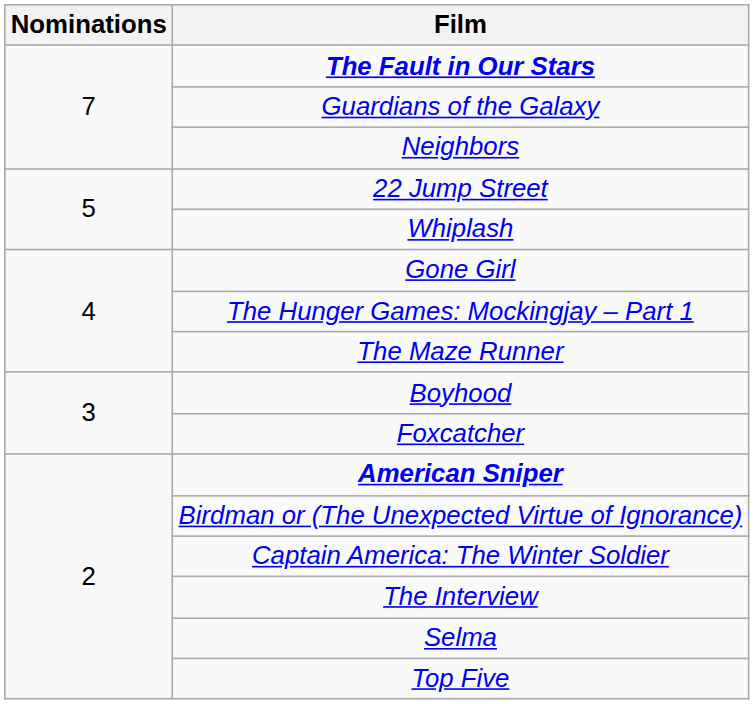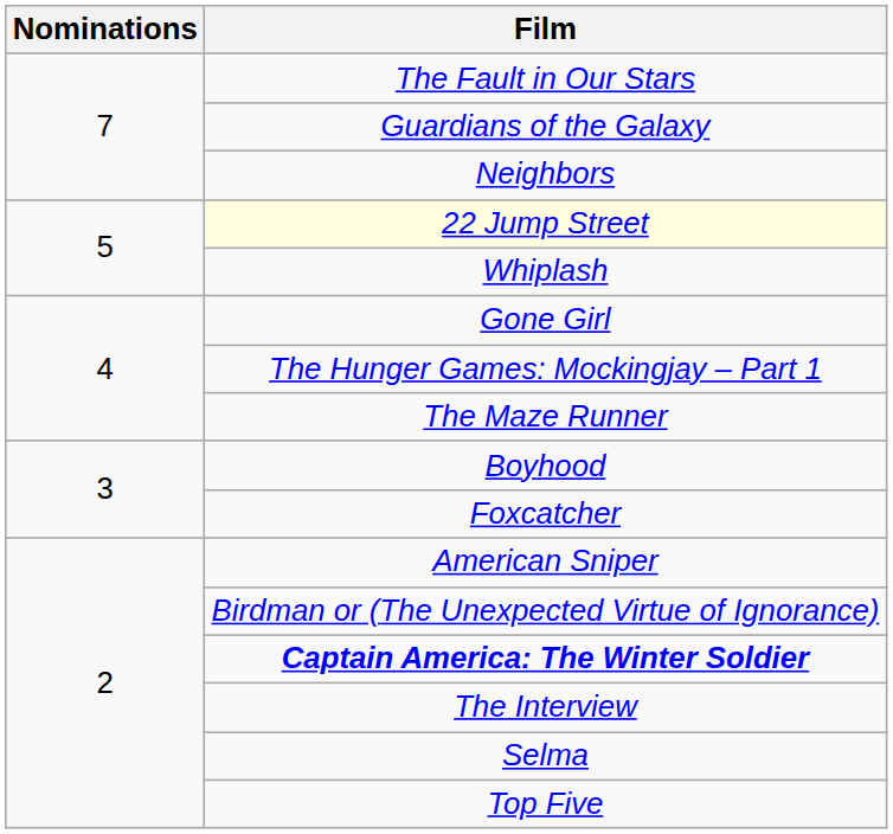 <table class="wikitable" style="text-align:center;">
 <tr>
 <th scope="col" width="55">Nominations</th>
 <th scope="col" align="center">Film</th>
 </tr>
 <tr>
 <td rowspan=3 style="text-align:center">7</td>
-<td><strong><em><a href='#'>The Fault in Our Stars</a></em></strong></td>
+<td><em><a href='#'>The Fault in Our Stars</a></em></td>
 </tr>
 <tr>
 <td><em><a href='#'>Guardians of the Galaxy</a></em></td>
 </tr>
 <tr>
 <td><em><a href='#'>Neighbors</a></em></td>
 </tr>
 <tr>
 <td rowspan=2 style="text-align:center">5</td>
-<td><em><a href='#'>22 Jump Street</a></em></td>
+<td style="background: lightyellow;"><em><a href='#'>22 Jump Street</a></em></td>
 </tr>
 <tr>
 <td><em><a href='#'>Whiplash</a></em></td>
 </tr>
 <tr>
 <td rowspan=3 style="text-align:center">4</td>
 <td><em><a href='#'>Gone Girl</a></em></td>
 </tr>
 <tr>
 <td><em><a href='#'>The Hunger Games: Mockingjay – Part 1</a></em></td>
 </tr>
 <tr>
 <td><em><a href='#'>The Maze Runner</a></em></td>
 </tr>
 <tr>
 <td rowspan=2 style="text-align:center">3</td>
 <td><em><a href='#'>Boyhood</a></em></td>
 </tr>
 <tr>
 <td><em><a href='#'>Foxcatcher</a></em></td>
 </tr>
 <tr>
 <td rowspan=6 style="text-align:center">2</td>
-<td><strong><em><a href='#'>American Sniper</a></em></strong></td>
+<td><em><a href='#'>American Sniper</a></em></td>
 </tr>
 <tr>
 <td><em><a href='#'>Birdman or (The Unexpected Virtue of Ignorance)</a></em></td>
 </tr>
 <tr>
-<td><em><a href='#'>Captain America: The Winter Soldier</a></em></td>
+<td><strong><em><a href='#'>Captain America: The Winter Soldier</a></em></strong></td>
 </tr>
 <tr>
 <td><em><a href='#'>The Interview</a></em></td>
 </tr>
 <tr>
 <td><em><a href='#'>Selma</a></em></td>
 </tr>
 <tr>
 <td><em><a href='#'>Top Five</a></em></td>
 </tr>
 </table>
